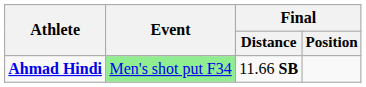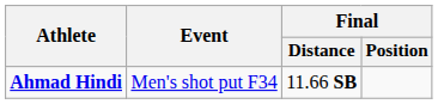 <table class=wikitable style="font-size:90%">
 <tr>
 <th rowspan="2">Athlete</th>
 <th rowspan="2">Event</th>
 <th colspan="2">Final</th>
 </tr>
 <tr style="font-size:95%">
 <th>Distance</th>
 <th>Position</th>
 </tr>
 <tr align=center>
 <td align=left><strong><a href='#'>Ahmad Hindi</a></strong></td>
-<td align=left style="background: lightgreen;"><a href='#'>Men's shot put F34</a></td>
+<td align=left><a href='#'>Men's shot put F34</a></td>
 <td>11.66 <strong>SB</strong></td>
 <td></td>
 </tr>
 </table>
